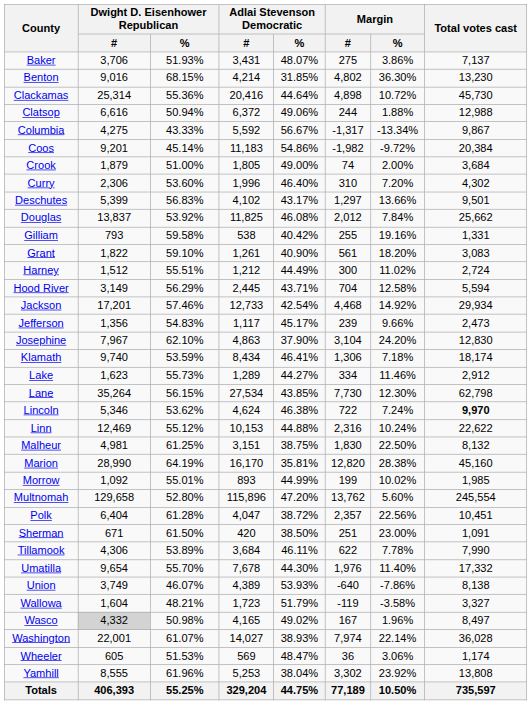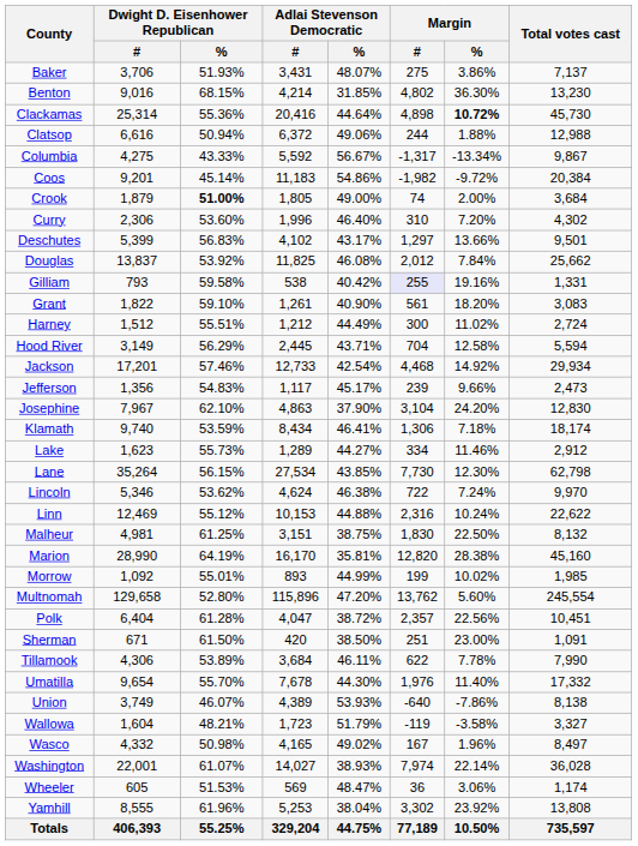 <table width="60%"  class="wikitable sortable" style="text-align:center">
 <tr>
 <th style="text-align:center;" rowspan="2">County</th>
 <th style="text-align:center;" colspan="2">Dwight D. Eisenhower<br>Republican</th>
 <th style="text-align:center;" colspan="2">Adlai Stevenson<br>Democratic</th>
 <th style="text-align:center;" colspan="2">Margin</th>
 <th style="text-align:center;" rowspan="2">Total votes cast</th>
 </tr>
 <tr>
 <th style="text-align:center;" data-sort-type="number">#</th>
 <th style="text-align:center;" data-sort-type="number">%</th>
 <th style="text-align:center;" data-sort-type="number">#</th>
 <th style="text-align:center;" data-sort-type="number">%</th>
 <th style="text-align:center;" data-sort-type="number">#</th>
 <th style="text-align:center;" data-sort-type="number">%</th>
 </tr>
 <tr style="text-align:center;">
 <td><a href='#'>Baker</a></td>
 <td>3,706</td>
 <td>51.93%</td>
 <td>3,431</td>
 <td>48.07%</td>
 <td>275</td>
 <td>3.86%</td>
 <td>7,137</td>
 </tr>
 <tr style="text-align:center;">
 <td><a href='#'>Benton</a></td>
 <td>9,016</td>
 <td>68.15%</td>
 <td>4,214</td>
 <td>31.85%</td>
 <td>4,802</td>
 <td>36.30%</td>
 <td>13,230</td>
 </tr>
 <tr style="text-align:center;">
 <td><a href='#'>Clackamas</a></td>
 <td>25,314</td>
 <td>55.36%</td>
 <td>20,416</td>
 <td>44.64%</td>
 <td>4,898</td>
-<td>10.72%</td>
+<td><strong>10.72%</strong></td>
 <td>45,730</td>
 </tr>
 <tr style="text-align:center;">
 <td><a href='#'>Clatsop</a></td>
 <td>6,616</td>
 <td>50.94%</td>
 <td>6,372</td>
 <td>49.06%</td>
 <td>244</td>
 <td>1.88%</td>
 <td>12,988</td>
 </tr>
 <tr style="text-align:center;">
 <td><a href='#'>Columbia</a></td>
 <td>4,275</td>
 <td>43.33%</td>
 <td>5,592</td>
 <td>56.67%</td>
 <td>-1,317</td>
 <td>-13.34%</td>
 <td>9,867</td>
 </tr>
 <tr style="text-align:center;">
 <td><a href='#'>Coos</a></td>
 <td>9,201</td>
 <td>45.14%</td>
 <td>11,183</td>
 <td>54.86%</td>
 <td>-1,982</td>
 <td>-9.72%</td>
 <td>20,384</td>
 </tr>
 <tr style="text-align:center;">
 <td><a href='#'>Crook</a></td>
 <td>1,879</td>
-<td>51.00%</td>
+<td><strong>51.00%</strong></td>
 <td>1,805</td>
 <td>49.00%</td>
 <td>74</td>
 <td>2.00%</td>
 <td>3,684</td>
 </tr>
 <tr style="text-align:center;">
 <td><a href='#'>Curry</a></td>
 <td>2,306</td>
 <td>53.60%</td>
 <td>1,996</td>
 <td>46.40%</td>
 <td>310</td>
 <td>7.20%</td>
 <td>4,302</td>
 </tr>
 <tr style="text-align:center;">
 <td><a href='#'>Deschutes</a></td>
 <td>5,399</td>
 <td>56.83%</td>
 <td>4,102</td>
 <td>43.17%</td>
 <td>1,297</td>
 <td>13.66%</td>
 <td>9,501</td>
 </tr>
 <tr style="text-align:center;">
 <td><a href='#'>Douglas</a></td>
 <td>13,837</td>
 <td>53.92%</td>
 <td>11,825</td>
 <td>46.08%</td>
 <td>2,012</td>
 <td>7.84%</td>
 <td>25,662</td>
 </tr>
 <tr style="text-align:center;">
 <td><a href='#'>Gilliam</a></td>
 <td>793</td>
 <td>59.58%</td>
 <td>538</td>
 <td>40.42%</td>
-<td>255</td>
+<td style="background: lavender;">255</td>
 <td>19.16%</td>
 <td>1,331</td>
 </tr>
 <tr style="text-align:center;">
 <td><a href='#'>Grant</a></td>
 <td>1,822</td>
 <td>59.10%</td>
 <td>1,261</td>
 <td>40.90%</td>
 <td>561</td>
 <td>18.20%</td>
 <td>3,083</td>
 </tr>
 <tr style="text-align:center;">
 <td><a href='#'>Harney</a></td>
 <td>1,512</td>
 <td>55.51%</td>
 <td>1,212</td>
 <td>44.49%</td>
 <td>300</td>
 <td>11.02%</td>
 <td>2,724</td>
 </tr>
 <tr style="text-align:center;">
 <td><a href='#'>Hood River</a></td>
 <td>3,149</td>
 <td>56.29%</td>
 <td>2,445</td>
 <td>43.71%</td>
 <td>704</td>
 <td>12.58%</td>
 <td>5,594</td>
 </tr>
 <tr style="text-align:center;">
 <td><a href='#'>Jackson</a></td>
 <td>17,201</td>
 <td>57.46%</td>
 <td>12,733</td>
 <td>42.54%</td>
 <td>4,468</td>
 <td>14.92%</td>
 <td>29,934</td>
 </tr>
 <tr style="text-align:center;">
 <td><a href='#'>Jefferson</a></td>
 <td>1,356</td>
 <td>54.83%</td>
 <td>1,117</td>
 <td>45.17%</td>
 <td>239</td>
 <td>9.66%</td>
 <td>2,473</td>
 </tr>
 <tr style="text-align:center;">
 <td><a href='#'>Josephine</a></td>
 <td>7,967</td>
 <td>62.10%</td>
 <td>4,863</td>
 <td>37.90%</td>
 <td>3,104</td>
 <td>24.20%</td>
 <td>12,830</td>
 </tr>
 <tr style="text-align:center;">
 <td><a href='#'>Klamath</a></td>
 <td>9,740</td>
 <td>53.59%</td>
 <td>8,434</td>
 <td>46.41%</td>
 <td>1,306</td>
 <td>7.18%</td>
 <td>18,174</td>
 </tr>
 <tr style="text-align:center;">
 <td><a href='#'>Lake</a></td>
 <td>1,623</td>
 <td>55.73%</td>
 <td>1,289</td>
 <td>44.27%</td>
 <td>334</td>
 <td>11.46%</td>
 <td>2,912</td>
 </tr>
 <tr style="text-align:center;">
 <td><a href='#'>Lane</a></td>
 <td>35,264</td>
 <td>56.15%</td>
 <td>27,534</td>
 <td>43.85%</td>
 <td>7,730</td>
 <td>12.30%</td>
 <td>62,798</td>
 </tr>
 <tr style="text-align:center;">
 <td><a href='#'>Lincoln</a></td>
 <td>5,346</td>
 <td>53.62%</td>
 <td>4,624</td>
 <td>46.38%</td>
 <td>722</td>
 <td>7.24%</td>
-<td><strong>9,970</strong></td>
+<td>9,970</td>
 </tr>
 <tr style="text-align:center;">
 <td><a href='#'>Linn</a></td>
 <td>12,469</td>
 <td>55.12%</td>
 <td>10,153</td>
 <td>44.88%</td>
 <td>2,316</td>
 <td>10.24%</td>
 <td>22,622</td>
 </tr>
 <tr style="text-align:center;">
 <td><a href='#'>Malheur</a></td>
 <td>4,981</td>
 <td>61.25%</td>
 <td>3,151</td>
 <td>38.75%</td>
 <td>1,830</td>
 <td>22.50%</td>
 <td>8,132</td>
 </tr>
 <tr style="text-align:center;">
 <td><a href='#'>Marion</a></td>
 <td>28,990</td>
 <td>64.19%</td>
 <td>16,170</td>
 <td>35.81%</td>
 <td>12,820</td>
 <td>28.38%</td>
 <td>45,160</td>
 </tr>
 <tr style="text-align:center;">
 <td><a href='#'>Morrow</a></td>
 <td>1,092</td>
 <td>55.01%</td>
 <td>893</td>
 <td>44.99%</td>
 <td>199</td>
 <td>10.02%</td>
 <td>1,985</td>
 </tr>
 <tr style="text-align:center;">
 <td><a href='#'>Multnomah</a></td>
 <td>129,658</td>
 <td>52.80%</td>
 <td>115,896</td>
 <td>47.20%</td>
 <td>13,762</td>
 <td>5.60%</td>
 <td>245,554</td>
 </tr>
 <tr style="text-align:center;">
 <td><a href='#'>Polk</a></td>
 <td>6,404</td>
 <td>61.28%</td>
 <td>4,047</td>
 <td>38.72%</td>
 <td>2,357</td>
 <td>22.56%</td>
 <td>10,451</td>
 </tr>
 <tr style="text-align:center;">
 <td><a href='#'>Sherman</a></td>
 <td>671</td>
 <td>61.50%</td>
 <td>420</td>
 <td>38.50%</td>
 <td>251</td>
 <td>23.00%</td>
 <td>1,091</td>
 </tr>
 <tr style="text-align:center;">
 <td><a href='#'>Tillamook</a></td>
 <td>4,306</td>
 <td>53.89%</td>
 <td>3,684</td>
 <td>46.11%</td>
 <td>622</td>
 <td>7.78%</td>
 <td>7,990</td>
 </tr>
 <tr style="text-align:center;">
 <td><a href='#'>Umatilla</a></td>
 <td>9,654</td>
 <td>55.70%</td>
 <td>7,678</td>
 <td>44.30%</td>
 <td>1,976</td>
 <td>11.40%</td>
 <td>17,332</td>
 </tr>
 <tr style="text-align:center;">
 <td><a href='#'>Union</a></td>
 <td>3,749</td>
 <td>46.07%</td>
 <td>4,389</td>
 <td>53.93%</td>
 <td>-640</td>
 <td>-7.86%</td>
 <td>8,138</td>
 </tr>
 <tr style="text-align:center;">
 <td><a href='#'>Wallowa</a></td>
 <td>1,604</td>
 <td>48.21%</td>
 <td>1,723</td>
 <td>51.79%</td>
 <td>-119</td>
 <td>-3.58%</td>
 <td>3,327</td>
 </tr>
 <tr style="text-align:center;">
 <td><a href='#'>Wasco</a></td>
-<td style="background: lightgrey;">4,332</td>
+<td>4,332</td>
 <td>50.98%</td>
 <td>4,165</td>
 <td>49.02%</td>
 <td>167</td>
 <td>1.96%</td>
 <td>8,497</td>
 </tr>
 <tr style="text-align:center;">
 <td><a href='#'>Washington</a></td>
 <td>22,001</td>
 <td>61.07%</td>
 <td>14,027</td>
 <td>38.93%</td>
 <td>7,974</td>
 <td>22.14%</td>
 <td>36,028</td>
 </tr>
 <tr style="text-align:center;">
 <td><a href='#'>Wheeler</a></td>
 <td>605</td>
 <td>51.53%</td>
 <td>569</td>
 <td>48.47%</td>
 <td>36</td>
 <td>3.06%</td>
 <td>1,174</td>
 </tr>
 <tr style="text-align:center;">
 <td><a href='#'>Yamhill</a></td>
 <td>8,555</td>
 <td>61.96%</td>
 <td>5,253</td>
 <td>38.04%</td>
 <td>3,302</td>
 <td>23.92%</td>
 <td>13,808</td>
 </tr>
 <tr style="text-align:center;">
 <th>Totals</th>
 <th>406,393</th>
 <th>55.25%</th>
 <th>329,204</th>
 <th>44.75%</th>
 <th>77,189</th>
 <th>10.50%</th>
 <th>735,597</th>
 </tr>
 </table>
